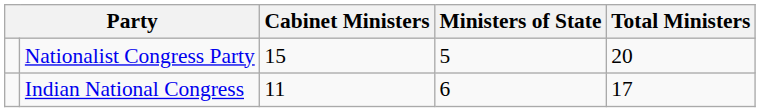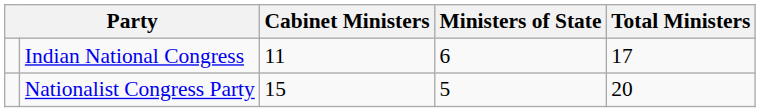 <table class="wikitable">
 <tr>
 <th colspan="2">Party</th>
 <th>Cabinet Ministers</th>
 <th>Ministers of State</th>
 <th>Total Ministers</th>
 </tr>
 <tr>
 <td width="4px"></td>
+<td><a href='#'>Indian National Congress</a></td>
+<td>11</td>
+<td>6</td>
+<td>17</td>
+</tr>
+<tr>
+<td width="4px"></td>
 <td><a href='#'>Nationalist Congress Party</a></td>
 <td>15</td>
 <td>5</td>
 <td>20</td>
 </tr>
-<tr>
-<td width="4px"></td>
-<td><a href='#'>Indian National Congress</a></td>
-<td>11</td>
-<td>6</td>
-<td>17</td>
-</tr>
 </table>
